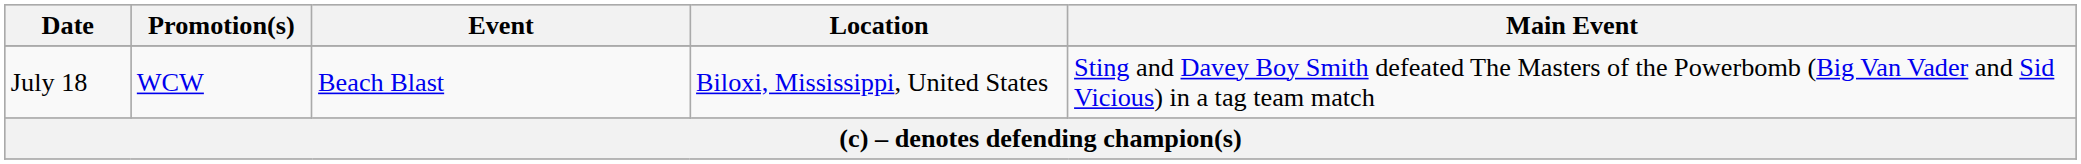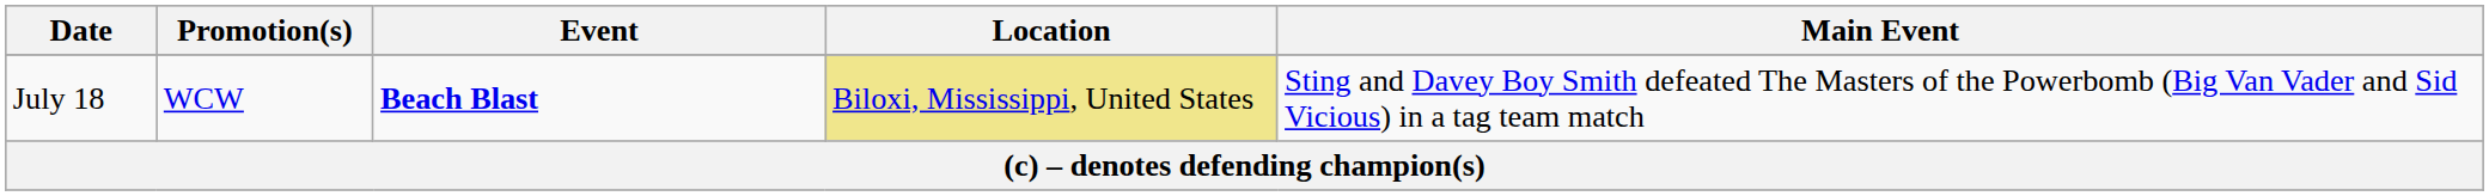 <table class="wikitable" style="width:100%;">
 <tr>
 <th width="5%">Date</th>
 <th width="5%">Promotion(s)</th>
 <th style="width:15%;">Event</th>
 <th style="width:15%;">Location</th>
 <th style="width:40%;">Main Event</th>
 </tr>
 <tr style="width:20%;" |Notes>
 </tr>
 <tr>
 <td>July 18</td>
 <td><a href='#'>WCW</a></td>
-<td><a href='#'>Beach Blast</a></td>
-<td><a href='#'>Biloxi, Mississippi</a>, United States</td>
+<td><strong><a href='#'>Beach Blast</a></strong></td>
+<td style="background: khaki;"><a href='#'>Biloxi, Mississippi</a>, United States</td>
 <td><a href='#'>Sting</a> and <a href='#'>Davey Boy Smith</a> defeated The Masters of the Powerbomb (<a href='#'>Big Van Vader</a> and <a href='#'>Sid Vicious</a>) in a tag team match</td>
 </tr>
 <tr>
 <th colspan="6">(c) – denotes defending champion(s)</th>
 </tr>
 </table>
